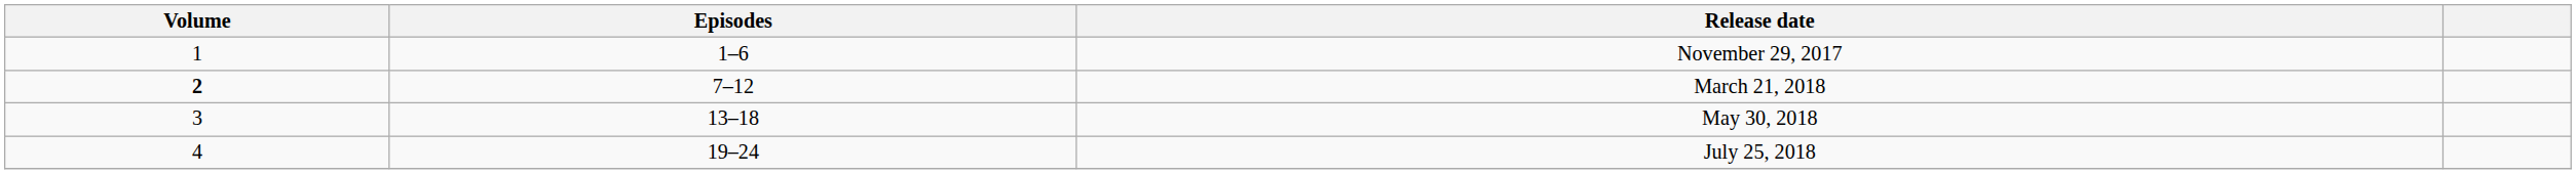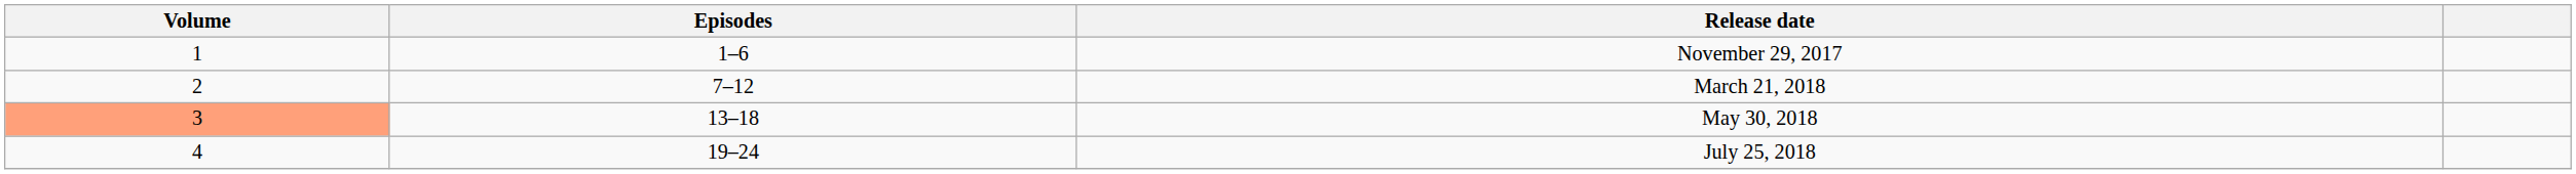 <table class="wikitable" style="text-align:center; width: 100%;">
 <tr>
 <th width="15%">Volume</th>
 <th>Episodes</th>
 <th>Release date</th>
 <th width="5%"></th>
 </tr>
 <tr>
 <td>1</td>
 <td>1–6</td>
 <td>November 29, 2017</td>
 <td></td>
 </tr>
 <tr>
-<td><strong>2</strong></td>
+<td>2</td>
 <td>7–12</td>
 <td>March 21, 2018</td>
 <td></td>
 </tr>
 <tr>
-<td>3</td>
+<td style="background: lightsalmon;">3</td>
 <td>13–18</td>
 <td>May 30, 2018</td>
 <td></td>
 </tr>
 <tr>
 <td>4</td>
 <td>19–24</td>
 <td>July 25, 2018</td>
 <td></td>
 </tr>
 <tr>
 </tr>
 </table>
